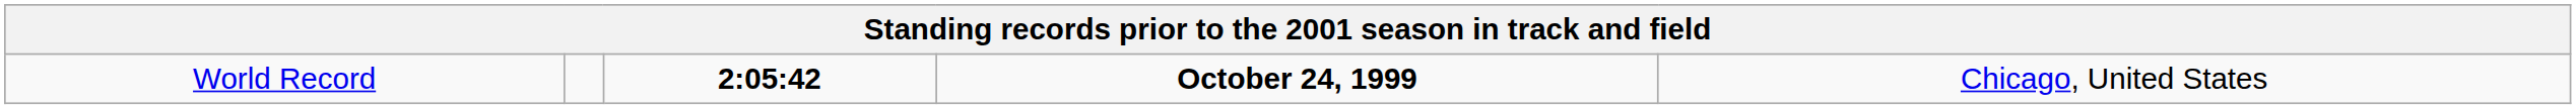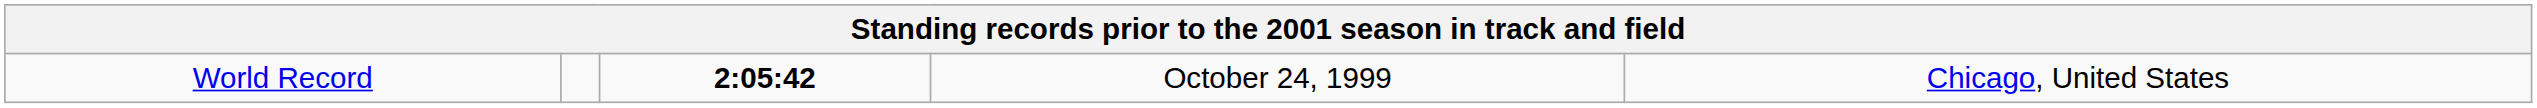 <table class="wikitable" style=" text-align:center; font-size:110%;" width="95%">
 <tr>
 <th colspan="5">Standing records prior to the 2001 season in track and field</th>
 </tr>
 <tr>
 <td><a href='#'>World Record</a></td>
 <td></td>
 <td><strong>2:05:42</strong></td>
-<td><strong>October 24, 1999</strong></td>
+<td>October 24, 1999</td>
 <td> <a href='#'>Chicago</a>, United States</td>
 </tr>
 </table>
